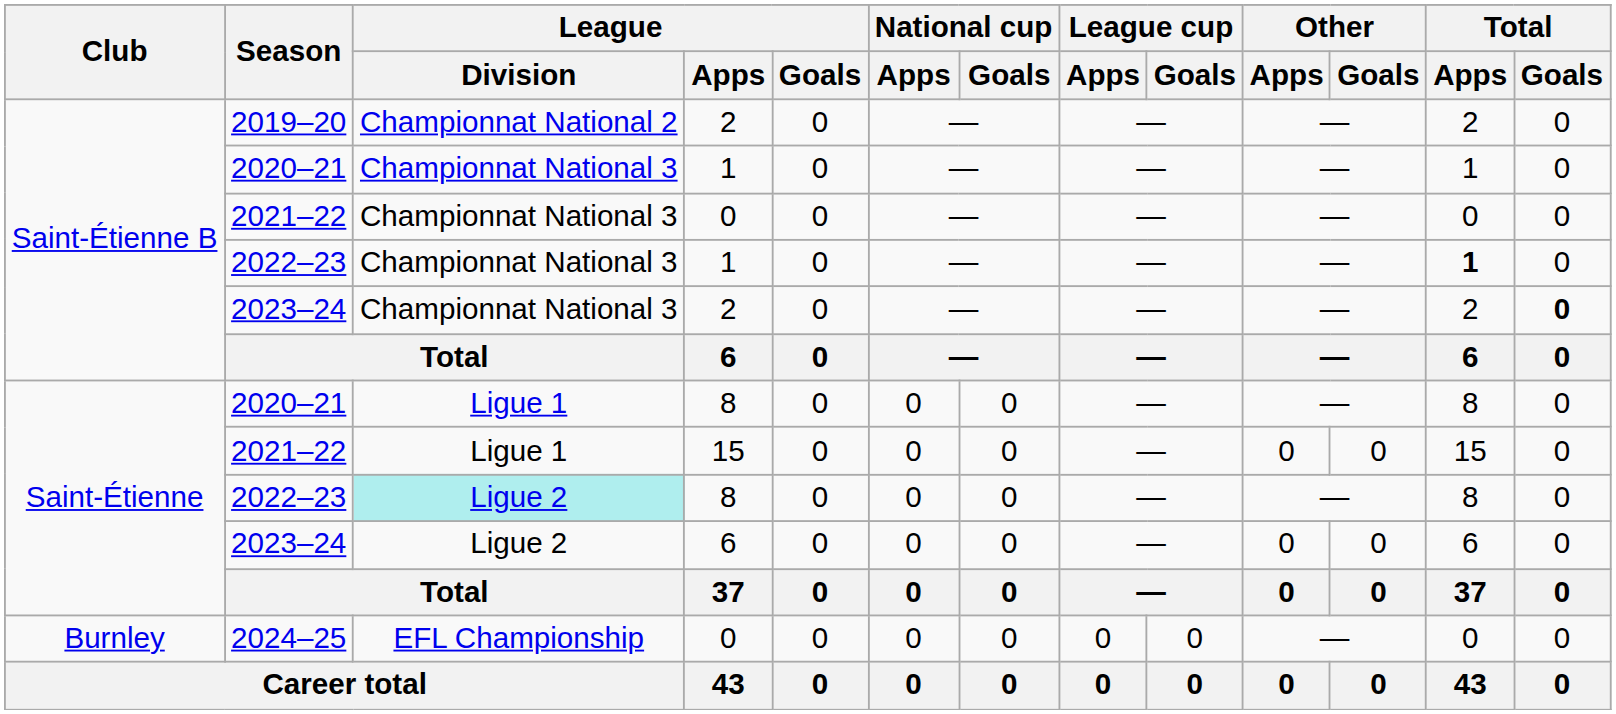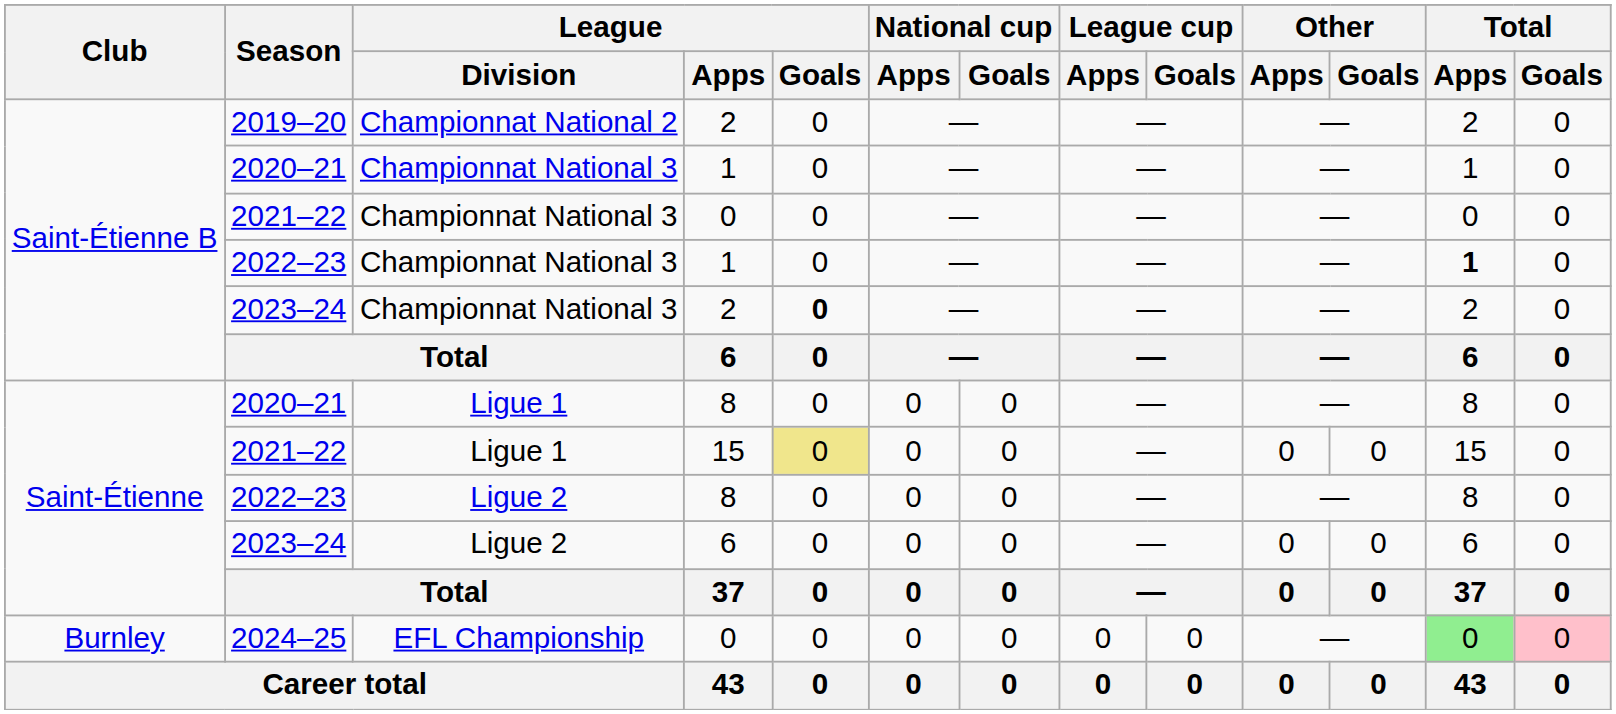 <table class="wikitable" Style="text-align: center">
 <tr>
 <th rowspan="2">Club</th>
 <th rowspan="2">Season</th>
 <th colspan="3">League</th>
 <th colspan="2">National cup</th>
 <th colspan="2">League cup</th>
 <th colspan="2">Other</th>
 <th colspan="2">Total</th>
 </tr>
 <tr>
 <th>Division</th>
 <th>Apps</th>
 <th>Goals</th>
 <th>Apps</th>
 <th>Goals</th>
 <th>Apps</th>
 <th>Goals</th>
 <th>Apps</th>
 <th>Goals</th>
 <th>Apps</th>
 <th>Goals</th>
 </tr>
 <tr>
 <td rowspan="6"><a href='#'>Saint-Étienne B</a></td>
 <td><a href='#'>2019–20</a></td>
 <td><a href='#'>Championnat National 2</a></td>
 <td>2</td>
 <td>0</td>
 <td colspan="2">—</td>
 <td colspan="2">—</td>
 <td colspan="2">—</td>
 <td>2</td>
 <td>0</td>
 </tr>
 <tr>
 <td><a href='#'>2020–21</a></td>
 <td><a href='#'>Championnat National 3</a></td>
 <td>1</td>
 <td>0</td>
 <td colspan="2">—</td>
 <td colspan="2">—</td>
 <td colspan="2">—</td>
 <td>1</td>
 <td>0</td>
 </tr>
 <tr>
 <td><a href='#'>2021–22</a></td>
 <td>Championnat National 3</td>
 <td>0</td>
 <td>0</td>
 <td colspan="2">—</td>
 <td colspan="2">—</td>
 <td colspan="2">—</td>
 <td>0</td>
 <td>0</td>
 </tr>
 <tr>
 <td><a href='#'>2022–23</a></td>
 <td>Championnat National 3</td>
 <td>1</td>
 <td>0</td>
 <td colspan="2">—</td>
 <td colspan="2">—</td>
 <td colspan="2">—</td>
 <td><strong>1</strong></td>
 <td>0</td>
 </tr>
 <tr>
 <td><a href='#'>2023–24</a></td>
 <td>Championnat National 3</td>
 <td>2</td>
-<td>0</td>
+<td><strong>0</strong></td>
 <td colspan="2">—</td>
 <td colspan="2">—</td>
 <td colspan="2">—</td>
 <td>2</td>
-<td><strong>0</strong></td>
+<td>0</td>
 </tr>
 <tr>
 <th colspan="2">Total</th>
 <th>6</th>
 <th>0</th>
 <th colspan="2">—</th>
 <th colspan="2">—</th>
 <th colspan="2">—</th>
 <th>6</th>
 <th>0</th>
 </tr>
 <tr>
 <td rowspan="5"><a href='#'>Saint-Étienne</a></td>
 <td><a href='#'>2020–21</a></td>
 <td><a href='#'>Ligue 1</a></td>
 <td>8</td>
 <td>0</td>
 <td>0</td>
 <td>0</td>
 <td colspan="2">—</td>
 <td colspan="2">—</td>
 <td>8</td>
 <td>0</td>
 </tr>
 <tr>
 <td><a href='#'>2021–22</a></td>
 <td>Ligue 1</td>
 <td>15</td>
-<td>0</td>
+<td style="background: khaki;">0</td>
 <td>0</td>
 <td>0</td>
 <td colspan="2">—</td>
 <td>0</td>
 <td>0</td>
 <td>15</td>
 <td>0</td>
 </tr>
 <tr>
 <td><a href='#'>2022–23</a></td>
-<td style="background: paleturquoise;"><a href='#'>Ligue 2</a></td>
+<td><a href='#'>Ligue 2</a></td>
 <td>8</td>
 <td>0</td>
 <td>0</td>
 <td>0</td>
 <td colspan="2">—</td>
 <td colspan="2">—</td>
 <td>8</td>
 <td>0</td>
 </tr>
 <tr>
 <td><a href='#'>2023–24</a></td>
 <td>Ligue 2</td>
 <td>6</td>
 <td>0</td>
 <td>0</td>
 <td>0</td>
 <td colspan="2">—</td>
 <td>0</td>
 <td>0</td>
 <td>6</td>
 <td>0</td>
 </tr>
 <tr>
 <th colspan="2">Total</th>
 <th>37</th>
 <th>0</th>
 <th>0</th>
 <th>0</th>
 <th colspan="2">—</th>
 <th>0</th>
 <th>0</th>
 <th>37</th>
 <th>0</th>
 </tr>
 <tr>
 <td><a href='#'>Burnley</a></td>
 <td><a href='#'>2024–25</a></td>
 <td><a href='#'>EFL Championship</a></td>
 <td>0</td>
 <td>0</td>
 <td>0</td>
 <td>0</td>
 <td>0</td>
 <td>0</td>
 <td colspan="2">—</td>
-<td>0</td>
-<td>0</td>
+<td style="background: lightgreen;">0</td>
+<td style="background: pink;">0</td>
 </tr>
 <tr>
 <th colspan="3">Career total</th>
 <th>43</th>
 <th>0</th>
 <th>0</th>
 <th>0</th>
 <th>0</th>
 <th>0</th>
 <th>0</th>
 <th>0</th>
 <th>43</th>
 <th>0</th>
 </tr>
 </table>
